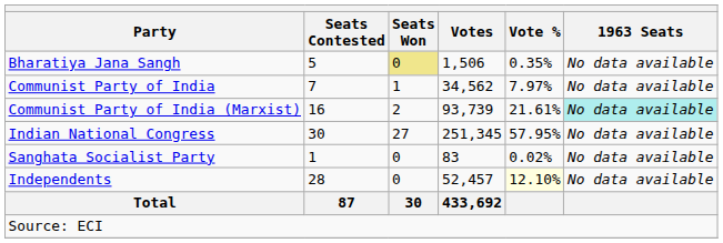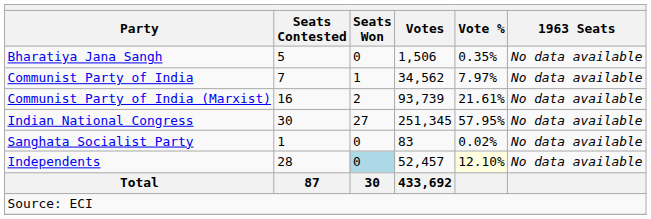 <table class="wikitable sortable">
 <tr>
 <th colspan=10></th>
 </tr>
 <tr>
 <th>Party</th>
 <th>Seats<br>Contested</th>
 <th>Seats<br>Won</th>
 <th>Votes</th>
 <th>Vote %</th>
 <th>1963 Seats</th>
 </tr>
 <tr>
 <td><a href='#'>Bharatiya Jana Sangh</a></td>
 <td>5</td>
-<td style="background: khaki;">0</td>
+<td>0</td>
 <td>1,506</td>
 <td>0.35%</td>
 <td><em>No data available</em></td>
 </tr>
 <tr>
 <td><a href='#'>Communist Party of India</a></td>
 <td>7</td>
 <td>1</td>
 <td>34,562</td>
 <td>7.97%</td>
 <td><em>No data available</em></td>
 </tr>
 <tr>
 <td><a href='#'>Communist Party of India (Marxist)</a></td>
 <td>16</td>
 <td>2</td>
 <td>93,739</td>
 <td>21.61%</td>
-<td style="background: paleturquoise;"><em>No data available</em></td>
+<td><em>No data available</em></td>
 </tr>
 <tr>
 <td><a href='#'>Indian National Congress</a></td>
 <td>30</td>
 <td>27</td>
 <td>251,345</td>
 <td>57.95%</td>
 <td><em>No data available</em></td>
 </tr>
 <tr>
 <td><a href='#'>Sanghata Socialist Party</a></td>
 <td>1</td>
 <td>0</td>
 <td>83</td>
 <td>0.02%</td>
 <td><em>No data available</em></td>
 </tr>
 <tr>
 <td><a href='#'>Independents</a></td>
 <td>28</td>
-<td>0</td>
+<td style="background: lightblue;">0</td>
 <td>52,457</td>
 <td style="background: lightyellow;">12.10%</td>
 <td><em>No data available</em></td>
 </tr>
 <tr>
 <th>Total</th>
 <th>87</th>
 <th>30</th>
 <th>433,692</th>
 <th></th>
 <th></th>
 </tr>
 <tr>
 <td colspan=10>Source: ECI</td>
 </tr>
 <tr>
 </tr>
 </table>
